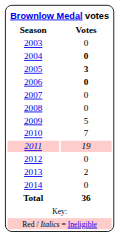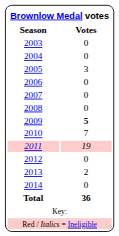 <table style="margin-right:4px; margin-top:8px; float:right; border:1px #000 solid; border-radius:8px; background:#fff; font-family:Verdana; font-size:8pt; text-align:center;">
 <tr style="background:#fff;">
 <td colspan="2;" style="padding:3px; margin-bottom:-3px; margin-top:2px; font-family:Arial; "><strong><a href='#'>Brownlow Medal</a> votes</strong></td>
 </tr>
 <tr>
 <th style="width:50%;">Season</th>
 <th style="width:50%;">Votes</th>
 </tr>
 <tr>
 <td><a href='#'>2003</a></td>
 <td>0</td>
 </tr>
 <tr>
 <td><a href='#'>2004</a></td>
-<td><strong>0</strong></td>
+<td>0</td>
 </tr>
 <tr>
 <td><a href='#'>2005</a></td>
-<td><strong>3</strong></td>
+<td>3</td>
 </tr>
 <tr>
 <td><a href='#'>2006</a></td>
-<td><strong>0</strong></td>
+<td>0</td>
 </tr>
 <tr>
 <td><a href='#'>2007</a></td>
 <td>0</td>
 </tr>
 <tr>
 <td><a href='#'>2008</a></td>
 <td>0</td>
 </tr>
 <tr>
 <td><a href='#'>2009</a></td>
-<td>5</td>
+<td><strong>5</strong></td>
 </tr>
 <tr>
 <td><a href='#'>2010</a></td>
 <td>7</td>
 </tr>
 <tr style="background-color:#FFCCCC">
 <td><em><a href='#'>2011</a></em></td>
 <td><em>19</em></td>
 </tr>
 <tr>
 <td><a href='#'>2012</a></td>
 <td>0</td>
 </tr>
 <tr>
 <td><a href='#'>2013</a></td>
 <td>2</td>
 </tr>
 <tr>
 <td><a href='#'>2014</a></td>
 <td>0</td>
 </tr>
 <tr>
 <td><strong>Total</strong></td>
 <td><strong>36</strong></td>
 </tr>
 <tr>
 <td colspan=2><small>Key:</small></td>
 </tr>
 <tr style="background-color:#FFCCCC; border:1px solid #aaaaaa; width:2em;">
 <td colspan=2><small>Red / <em>Italics</em> = <a href='#'>Ineligible</a></small></td>
 </tr>
 </table>
